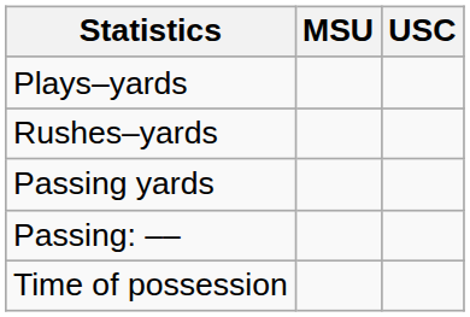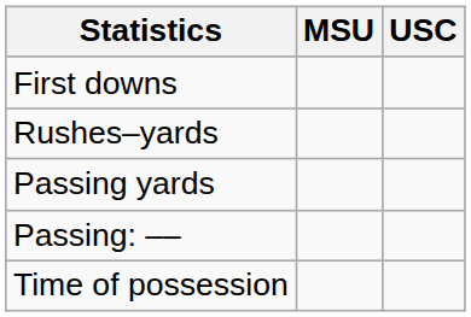 <table class="wikitable" style="float:left">
 <tr>
 <th>Statistics</th>
 <th>MSU</th>
 <th>USC</th>
 </tr>
 <tr>
-<td>Plays–yards</td>
+<td>First downs</td>
 <td></td>
 <td></td>
 </tr>
 <tr>
 <td>Rushes–yards</td>
 <td></td>
 <td></td>
 </tr>
 <tr>
 <td>Passing yards</td>
 <td></td>
 <td></td>
 </tr>
 <tr>
 <td>Passing: ––</td>
 <td></td>
 <td></td>
 </tr>
 <tr>
 <td>Time of possession</td>
 <td></td>
 <td></td>
 </tr>
 </table>
